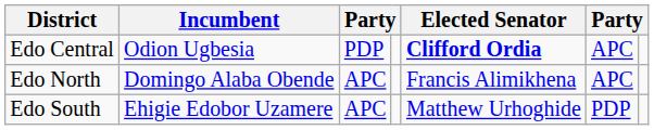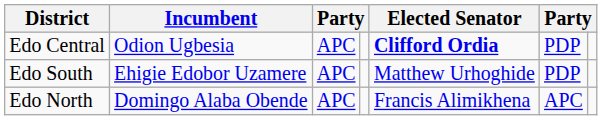 <table class="sortable wikitable" style="font-size:95%;line-height:14px;">
 <tr>
 <th class="unsortable">District</th>
 <th class="unsortable"><a href='#'>Incumbent</a></th>
 <th colspan="2">Party</th>
 <th class="unsortable">Elected Senator</th>
 <th colspan="2">Party</th>
 </tr>
 <tr>
 <td>Edo Central</td>
 <td><a href='#'>Odion Ugbesia</a></td>
+<td><a href='#'>APC</a></td>
+<td style="background:"></td>
+<td><strong><a href='#'>Clifford Ordia</a></strong></td>
 <td><a href='#'>PDP</a></td>
 <td style="background:"></td>
-<td><strong><a href='#'>Clifford Ordia</a></strong></td>
+</tr>
+<tr>
+<td>Edo South</td>
+<td><a href='#'>Ehigie Edobor Uzamere</a></td>
 <td><a href='#'>APC</a></td>
+<td style="background:"></td>
+<td><a href='#'>Matthew Urhoghide</a></td>
+<td><a href='#'>PDP</a></td>
 <td style="background:"></td>
 </tr>
 <tr>
 <td>Edo North</td>
 <td><a href='#'>Domingo Alaba Obende</a></td>
 <td><a href='#'>APC</a></td>
 <td style="background:"></td>
 <td><a href='#'>Francis Alimikhena</a></td>
 <td><a href='#'>APC</a></td>
 <td style="background:"></td>
 </tr>
-<tr>
-<td>Edo South</td>
-<td><a href='#'>Ehigie Edobor Uzamere</a></td>
-<td><a href='#'>APC</a></td>
-<td style="background:"></td>
-<td><a href='#'>Matthew Urhoghide</a></td>
-<td><a href='#'>PDP</a></td>
-<td style="background:"></td>
-</tr>
 </table>
